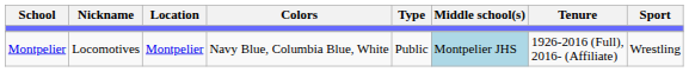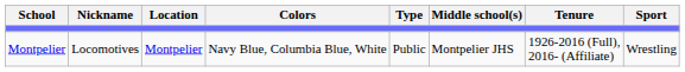 <table class="wikitable sortable">
 <tr>
 <th>School</th>
 <th>Nickname</th>
 <th>Location</th>
 <th>Colors</th>
 <th>Type</th>
 <th>Middle school(s)</th>
 <th>Tenure</th>
 <th>Sport</th>
 </tr>
 <tr>
 <th colspan="9" style="background:#676AFE;"></th>
 </tr>
 <tr>
 </tr>
 <tr>
 <td><a href='#'>Montpelier</a></td>
 <td>Locomotives</td>
 <td><a href='#'>Montpelier</a></td>
 <td>Navy Blue, Columbia Blue, White  <br>  </td>
 <td>Public</td>
-<td style="background: lightblue;">Montpelier JHS</td>
+<td>Montpelier JHS</td>
 <td>1926-2016 (Full),<br>2016- (Affiliate)</td>
 <td>Wrestling</td>
 </tr>
 </table>
